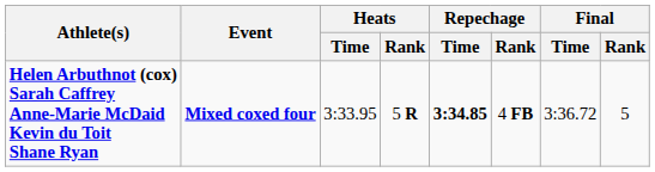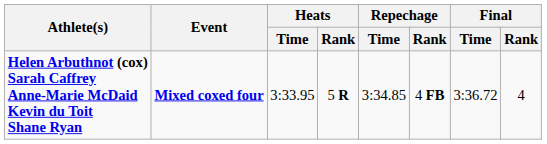 <table class="wikitable">
 <tr>
 <th rowspan="2">Athlete(s)</th>
 <th rowspan="2">Event</th>
 <th colspan="2">Heats</th>
 <th colspan="2">Repechage</th>
 <th colspan="2">Final</th>
 </tr>
 <tr>
 <th>Time</th>
 <th>Rank</th>
 <th>Time</th>
 <th>Rank</th>
 <th>Time</th>
 <th>Rank</th>
 </tr>
 <tr>
 <td><strong><a href='#'>Helen Arbuthnot</a> (cox)<br><a href='#'>Sarah Caffrey</a><br><a href='#'>Anne-Marie McDaid</a><br><a href='#'>Kevin du Toit</a><br><a href='#'>Shane Ryan</a></strong></td>
 <td><strong><a href='#'>Mixed coxed four</a></strong></td>
 <td align="center">3:33.95</td>
 <td align="center">5 <strong>R</strong></td>
-<td align="center"><strong>3:34.85</strong></td>
+<td align="center">3:34.85</td>
 <td align="center">4 <strong>FB</strong></td>
 <td align="center">3:36.72</td>
-<td align="center">5</td>
+<td align="center">4</td>
 </tr>
 </table>
